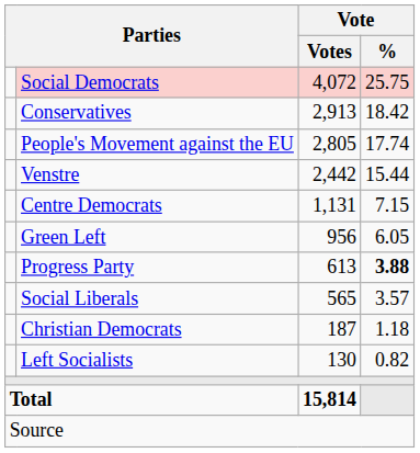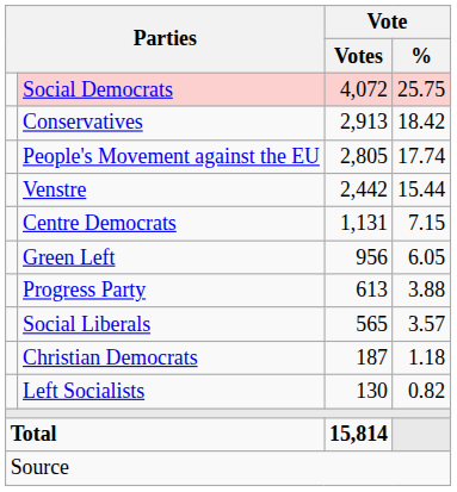 <table class="wikitable" style="text-align:right;">
 <tr>
 <th style="text-align:centre;" rowspan="2" colspan="2" width="225">Parties</th>
 <th colspan="3">Vote</th>
 </tr>
 <tr>
 <th width="15">Votes</th>
 <th width="15">%</th>
 </tr>
 <tr>
 <td width="2" style="color:inherit;background:"></td>
 <td bgcolor=#fbd0ce   align="left"><a href='#'>Social Democrats</a></td>
 <td bgcolor=#fbd0ce>4,072</td>
 <td bgcolor=#fbd0ce>25.75</td>
 </tr>
 <tr>
 <td width="2" style="color:inherit;background:"></td>
 <td align="left"><a href='#'>Conservatives</a></td>
 <td>2,913</td>
 <td>18.42</td>
 </tr>
 <tr>
 <td width="2" style="color:inherit;background:"></td>
 <td align="left"><a href='#'>People's Movement against the EU</a></td>
 <td>2,805</td>
 <td>17.74</td>
 </tr>
 <tr>
 <td width="2" style="color:inherit;background:"></td>
 <td align="left"><a href='#'>Venstre</a></td>
 <td>2,442</td>
 <td>15.44</td>
 </tr>
 <tr>
 <td width="2" style="color:inherit;background:"></td>
 <td align="left"><a href='#'>Centre Democrats</a></td>
 <td>1,131</td>
 <td>7.15</td>
 </tr>
 <tr>
 <td width="2" style="color:inherit;background:"></td>
 <td align="left"><a href='#'>Green Left</a></td>
 <td>956</td>
 <td>6.05</td>
 </tr>
 <tr>
 <td width="2" style="color:inherit;background:"></td>
 <td align="left"><a href='#'>Progress Party</a></td>
 <td>613</td>
-<td><strong>3.88</strong></td>
+<td>3.88</td>
 </tr>
 <tr>
 <td width="2" style="color:inherit;background:"></td>
 <td align="left"><a href='#'>Social Liberals</a></td>
 <td>565</td>
 <td>3.57</td>
 </tr>
 <tr>
 <td width="2" style="color:inherit;background:"></td>
 <td align="left"><a href='#'>Christian Democrats</a></td>
 <td>187</td>
 <td>1.18</td>
 </tr>
 <tr>
 <td width="2" style="color:inherit;background:"></td>
 <td align="left"><a href='#'>Left Socialists</a></td>
 <td>130</td>
 <td>0.82</td>
 </tr>
 <tr>
 <td colspan="7" bgcolor="#E9E9E9"></td>
 </tr>
 <tr>
 <td align="left" colspan="2"><strong>Total</strong></td>
 <td><strong>15,814</strong></td>
 <td bgcolor="#E9E9E9" colspan="2"></td>
 </tr>
 <tr>
 <td align="left" colspan="6">Source</td>
 </tr>
 </table>
